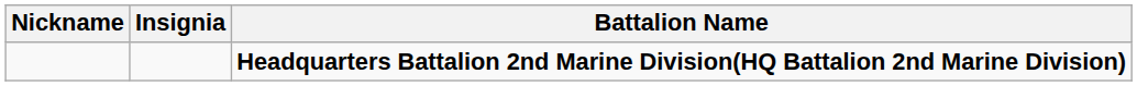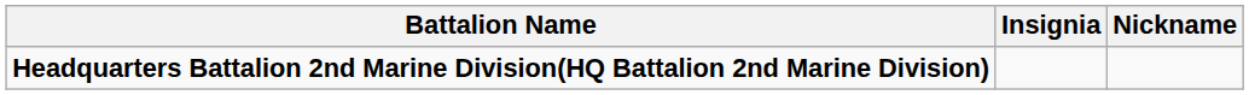 <table class="wikitable sortable" style="margin:1em auto; text-align:center;">
 <tr bgcolor="#CCCCCC">
+<th><strong>Battalion Name</strong></th>
+<th><strong>Insignia</strong></th>
 <th><strong>Nickname</strong></th>
-<th><strong>Insignia</strong></th>
-<th><strong>Battalion Name</strong></th>
 </tr>
 <tr>
+<td><strong>Headquarters Battalion 2nd Marine Division(HQ Battalion 2nd Marine Division)</strong></td>
+<td></td>
 <td> </td>
-<td></td>
-<td><strong>Headquarters Battalion 2nd Marine Division(HQ Battalion 2nd Marine Division)</strong></td>
 </tr>
 </table>
